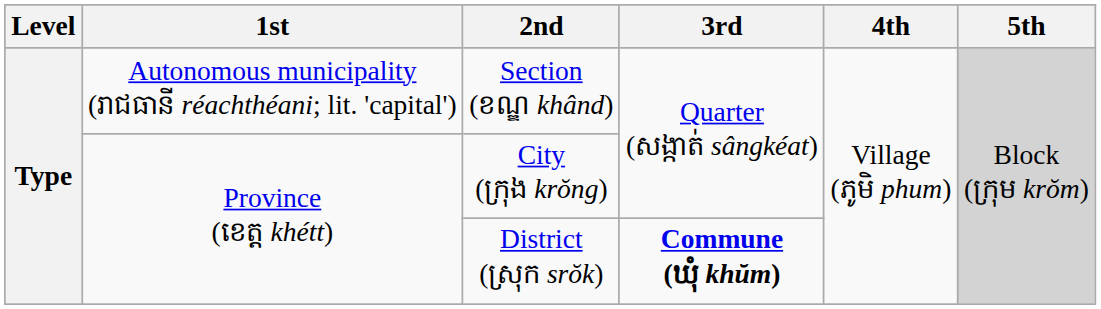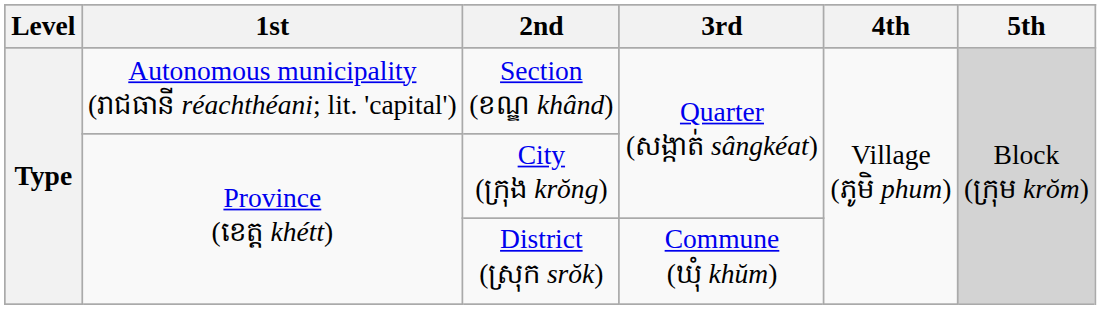 <table class="wikitable" | style="text-align:center">
 <tr>
 <th>Level</th>
 <th>1st</th>
 <th>2nd</th>
 <th>3rd</th>
 <th>4th</th>
 <th>5th</th>
 </tr>
 <tr>
 <th rowspan="3">Type</th>
 <td rowspan="1"><a href='#'>Autonomous municipality</a><br>(រាជធានី <em>réachthéani</em>; lit. 'capital')</td>
 <td><a href='#'>Section</a><br>(ខណ្ឌ <em>khând</em>)</td>
 <td rowspan="2"><a href='#'>Quarter</a><br>(សង្កាត់ <em>sângkéat</em>)</td>
 <td rowspan="3">Village<br>(ភូមិ <em>phum</em>)</td>
 <td rowspan="3" bgcolor="lightgrey" style="border-bottom:none">Block<br>(ក្រុម <em>krŏm</em>)</td>
 </tr>
 <tr>
 <td rowspan="2"><a href='#'>Province</a><br>(ខេត្ត <em>khétt</em>)</td>
 <td><a href='#'>City</a><br>(ក្រុង <em>krŏng</em>)</td>
 </tr>
 <tr>
 <td><a href='#'>District</a><br>(ស្រុក <em>srŏk</em>)</td>
-<td><strong><a href='#'>Commune</a><br>(ឃុំ <em>khŭm</em>)</strong></td>
+<td><a href='#'>Commune</a><br>(ឃុំ <em>khŭm</em>)</td>
 </tr>
 </table>
